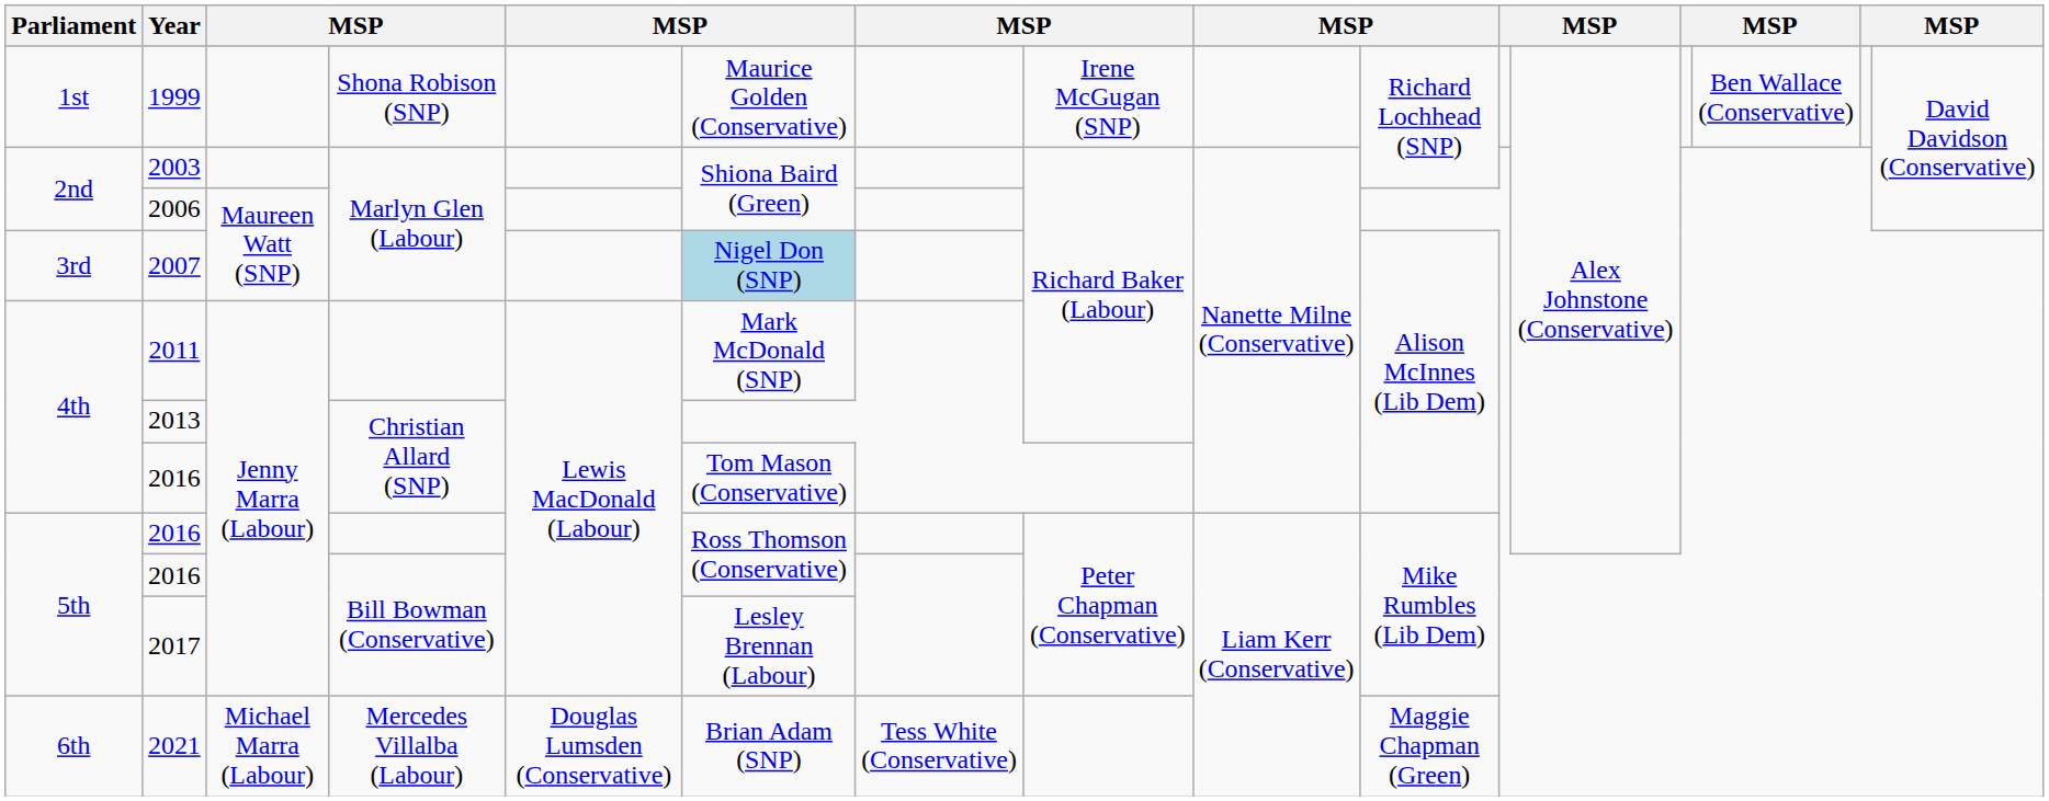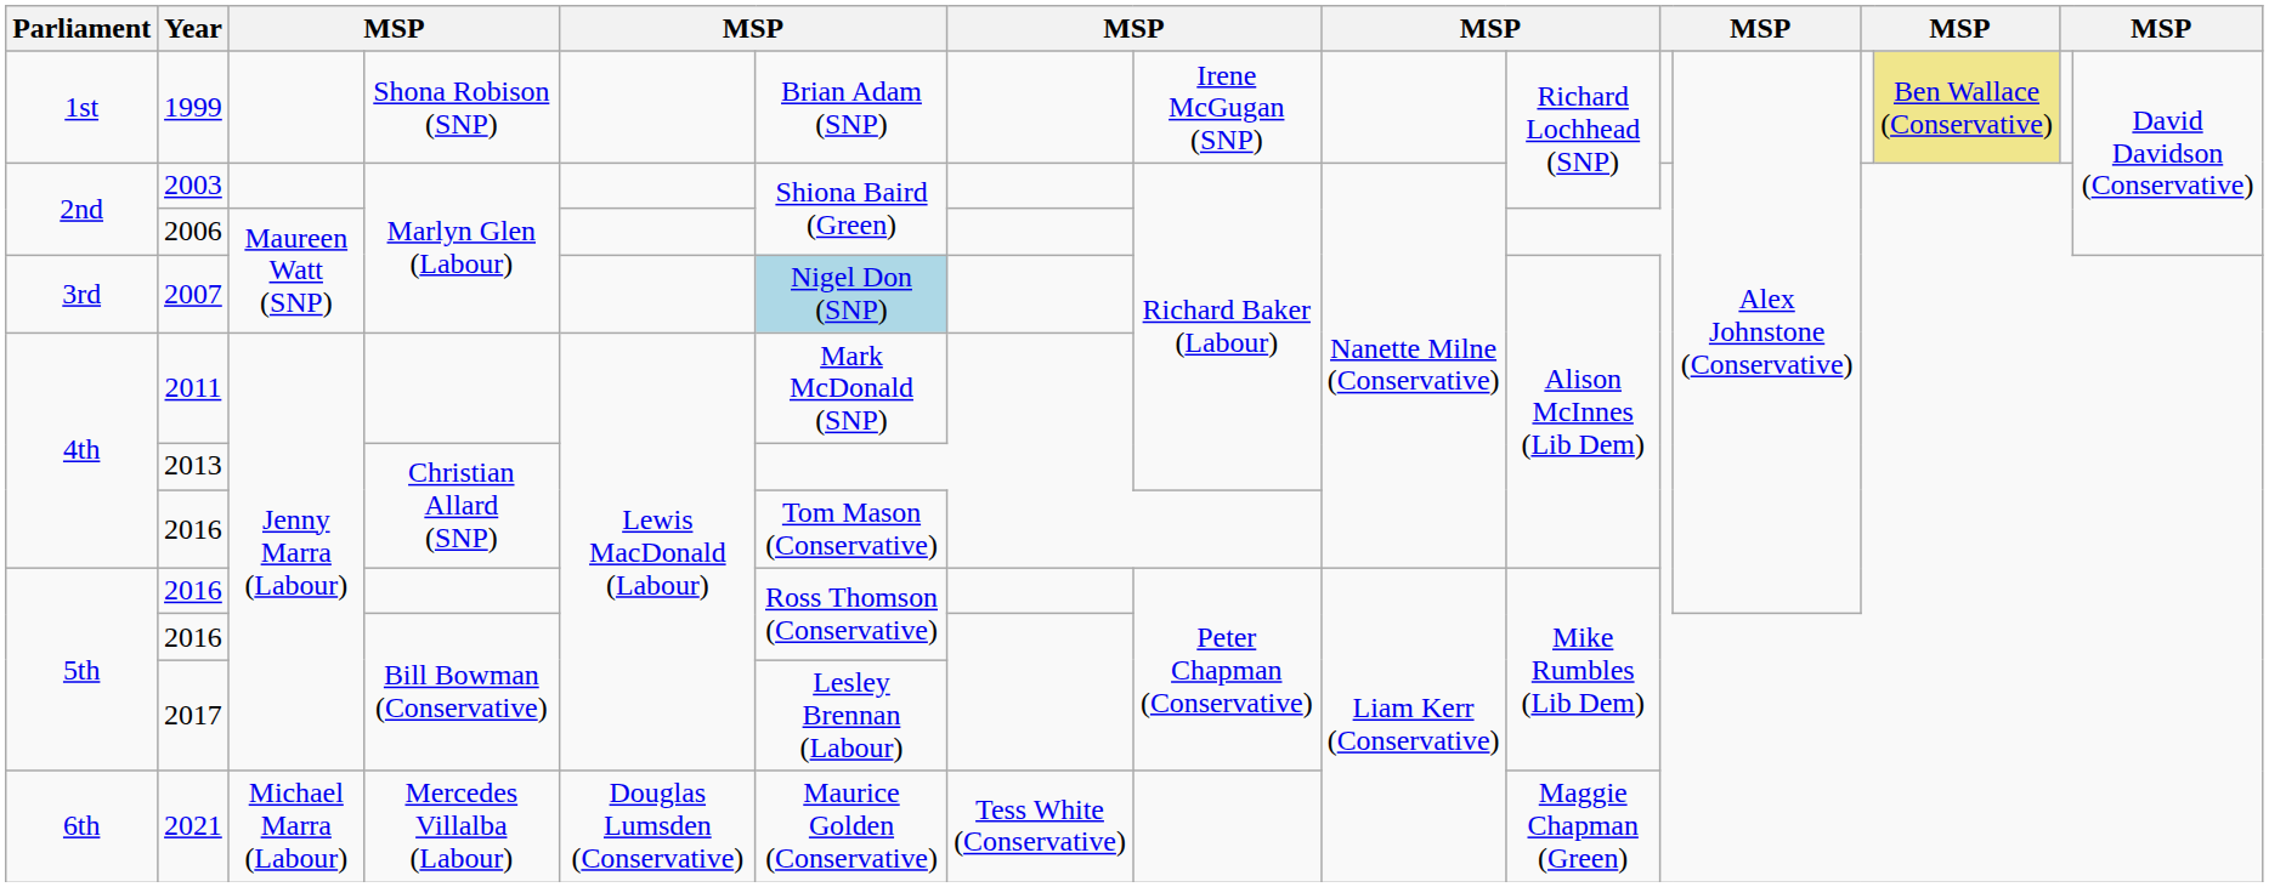 <table class="wikitable" style="text-align:center">
 <tr>
 <th>Parliament</th>
 <th>Year</th>
 <th colspan="2">MSP</th>
 <th colspan="2">MSP</th>
 <th colspan="2">MSP</th>
 <th colspan="2">MSP</th>
 <th colspan="2">MSP</th>
 <th colspan="2">MSP</th>
 <th colspan="2">MSP</th>
 </tr>
 <tr>
 <td><a href='#'>1st</a></td>
 <td><a href='#'>1999</a></td>
 <td style="color:inherit;background:"></td>
 <td><a href='#'>Shona Robison</a><br>(<a href='#'>SNP</a>)</td>
 <td style="color:inherit;background:"></td>
-<td><a href='#'>Maurice Golden</a><br>(<a href='#'>Conservative</a>)</td>
+<td><a href='#'>Brian Adam</a><br>(<a href='#'>SNP</a>)</td>
 <td style="color:inherit;background:"></td>
 <td><a href='#'>Irene McGugan</a><br>(<a href='#'>SNP</a>)</td>
 <td></td>
 <td rowspan="2"><a href='#'>Richard Lochhead</a> <br>(<a href='#'>SNP</a>)</td>
 <td></td>
 <td rowspan="8"><a href='#'>Alex Johnstone</a><br>(<a href='#'>Conservative</a>)</td>
 <td></td>
-<td><a href='#'>Ben Wallace</a><br>(<a href='#'>Conservative</a>)</td>
+<td style="background: khaki;"><a href='#'>Ben Wallace</a><br>(<a href='#'>Conservative</a>)</td>
 <td></td>
 <td rowspan="3"><a href='#'>David Davidson</a><br>(<a href='#'>Conservative</a>)</td>
 </tr>
 <tr>
 <td rowspan="2"><a href='#'>2nd</a></td>
 <td><a href='#'>2003</a></td>
 <td></td>
 <td rowspan="3"><a href='#'>Marlyn Glen</a><br>(<a href='#'>Labour</a>)</td>
 <td></td>
 <td rowspan="2"><a href='#'>Shiona Baird</a><br>(<a href='#'>Green</a>)</td>
 <td></td>
 <td rowspan="5"><a href='#'>Richard Baker</a><br>(<a href='#'>Labour</a>)</td>
 <td rowspan="6"><a href='#'>Nanette Milne</a><br>(<a href='#'>Conservative</a>)</td>
 </tr>
 <tr>
 <td>2006</td>
 <td rowspan="2"><a href='#'>Maureen Watt</a><br>(<a href='#'>SNP</a>)</td>
 </tr>
 <tr>
 <td><a href='#'>3rd</a></td>
 <td><a href='#'>2007</a></td>
 <td style="color:inherit;background:"></td>
 <td style="background: lightblue;"><a href='#'>Nigel Don</a><br>(<a href='#'>SNP</a>)</td>
 <td></td>
 <td rowspan="4"><a href='#'>Alison McInnes</a><br>(<a href='#'>Lib Dem</a>)</td>
 </tr>
 <tr>
 <td rowspan="3"><a href='#'>4th</a></td>
 <td><a href='#'>2011</a></td>
 <td rowspan="6"><a href='#'>Jenny Marra</a><br>(<a href='#'>Labour</a>)</td>
 <td></td>
 <td rowspan="6"><a href='#'>Lewis MacDonald</a><br>(<a href='#'>Labour</a>)</td>
 <td><a href='#'>Mark McDonald</a><br>(<a href='#'>SNP</a>)</td>
 </tr>
 <tr>
 <td>2013</td>
 <td rowspan="2"><a href='#'>Christian Allard</a><br>(<a href='#'>SNP</a>)</td>
 </tr>
 <tr>
 <td>2016</td>
 <td><a href='#'>Tom Mason</a><br>(<a href='#'>Conservative</a>)</td>
 </tr>
 <tr>
 <td rowspan="3"><a href='#'>5th</a></td>
 <td><a href='#'>2016</a></td>
 <td></td>
 <td rowspan="2"><a href='#'>Ross Thomson</a><br>(<a href='#'>Conservative</a>)</td>
 <td></td>
 <td rowspan="3"><a href='#'>Peter Chapman</a><br>(<a href='#'>Conservative</a>)</td>
 <td rowspan="4"><a href='#'>Liam Kerr</a><br>(<a href='#'>Conservative</a>)</td>
 <td rowspan="3"><a href='#'>Mike Rumbles</a><br>(<a href='#'>Lib Dem</a>)</td>
 </tr>
 <tr>
 <td>2016</td>
 <td rowspan="2"><a href='#'>Bill Bowman</a><br>(<a href='#'>Conservative</a>)</td>
 </tr>
 <tr>
 <td>2017</td>
 <td><a href='#'>Lesley Brennan</a><br>(<a href='#'>Labour</a>)</td>
 </tr>
 <tr>
 <td><a href='#'>6th</a></td>
 <td><a href='#'>2021</a></td>
 <td><a href='#'>Michael Marra</a><br>(<a href='#'>Labour</a>)</td>
 <td><a href='#'>Mercedes Villalba</a><br>(<a href='#'>Labour</a>)</td>
 <td><a href='#'>Douglas Lumsden</a><br>(<a href='#'>Conservative</a>)</td>
-<td><a href='#'>Brian Adam</a><br>(<a href='#'>SNP</a>)</td>
+<td><a href='#'>Maurice Golden</a><br>(<a href='#'>Conservative</a>)</td>
 <td><a href='#'>Tess White</a><br>(<a href='#'>Conservative</a>)</td>
 <td style="color:inherit;background:"></td>
 <td><a href='#'>Maggie Chapman</a><br>(<a href='#'>Green</a>)</td>
 </tr>
 </table>
